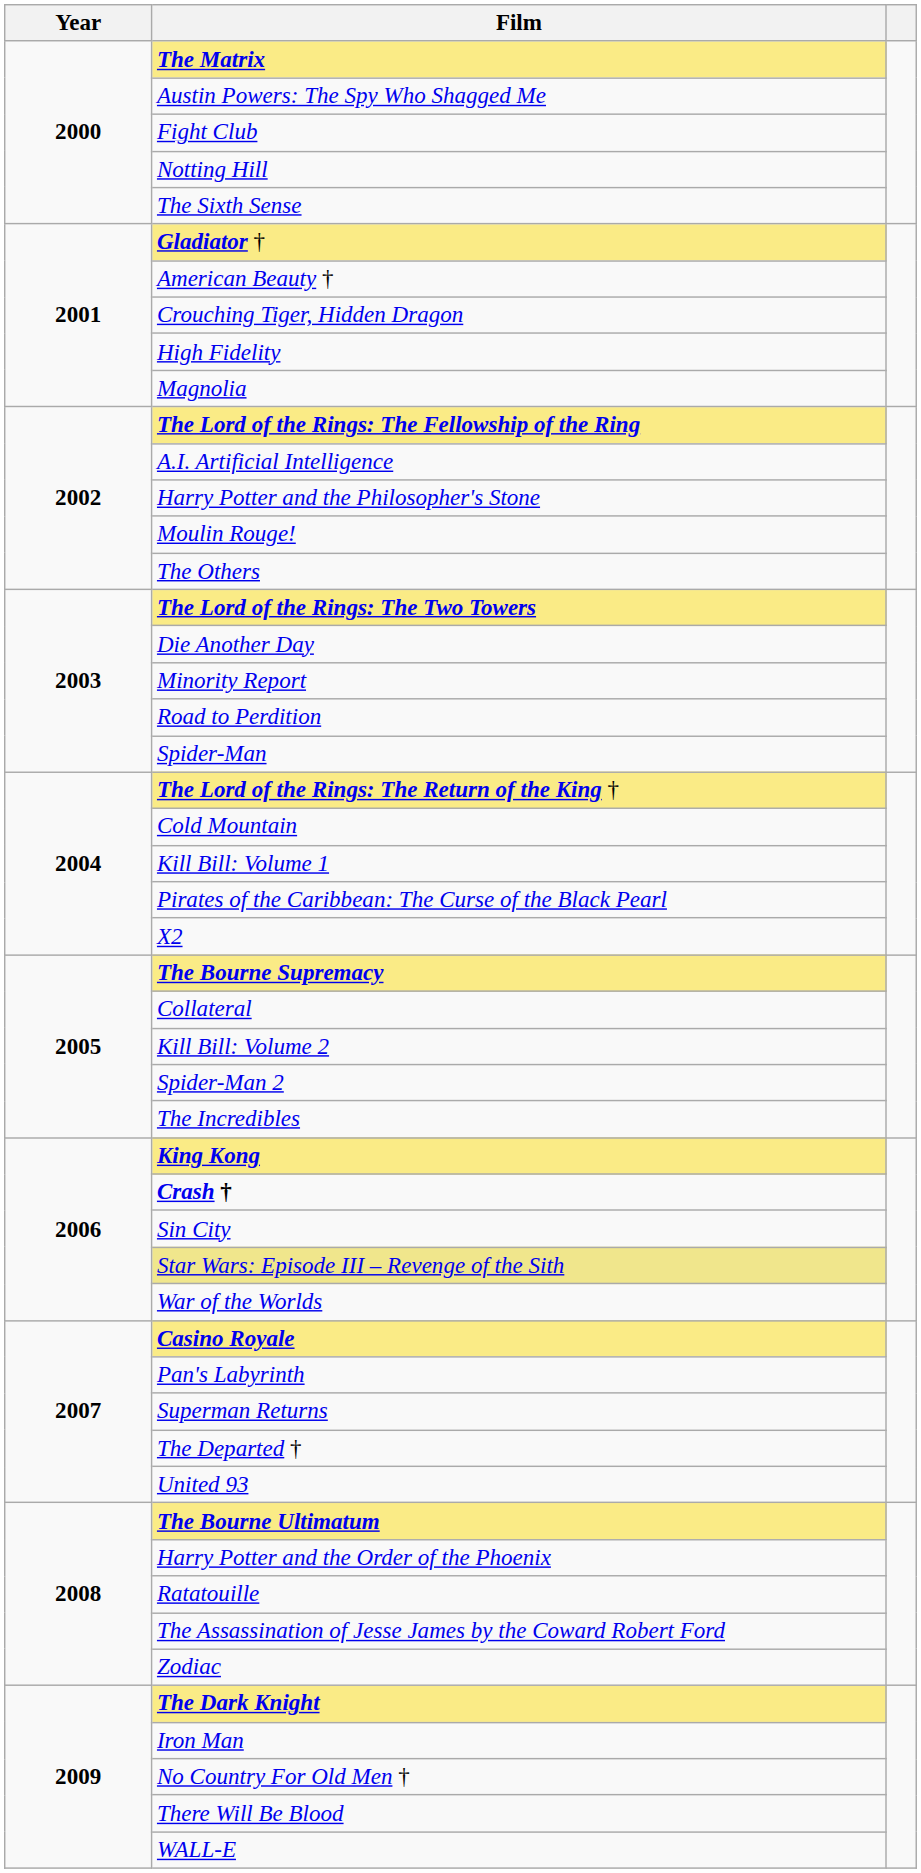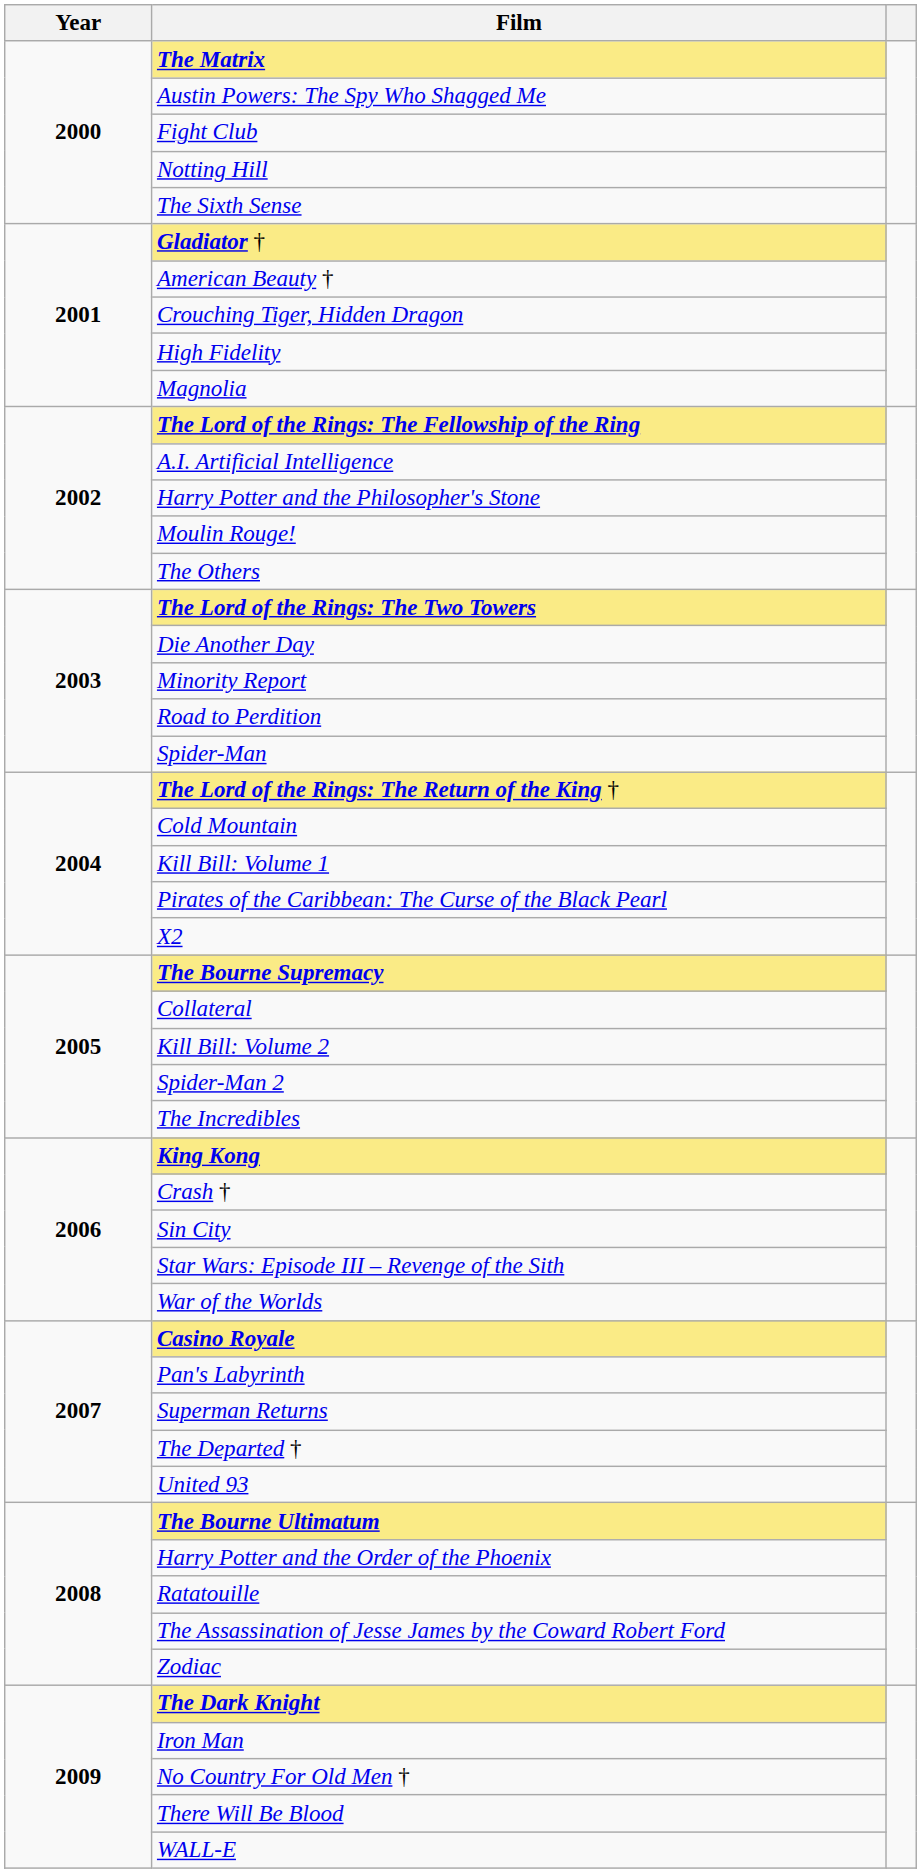 <table class="wikitable" width="40%">
 <tr>
 <th width="10%">Year</th>
 <th width="50%">Film</th>
 <th width="2%"></th>
 </tr>
 <tr>
 <td rowspan="5" style="text-align:center"><strong>2000<br> </strong></td>
 <td style="background:#FAEB86"><strong><em><a href='#'>The Matrix</a></em></strong></td>
 <td rowspan="5" style="text-align:center"></td>
 </tr>
 <tr>
 <td><em><a href='#'>Austin Powers: The Spy Who Shagged Me</a></em></td>
 </tr>
 <tr>
 <td><em><a href='#'>Fight Club</a></em></td>
 </tr>
 <tr>
 <td><em><a href='#'>Notting Hill</a></em></td>
 </tr>
 <tr>
 <td><em><a href='#'>The Sixth Sense</a></em></td>
 </tr>
 <tr>
 <td rowspan="5" style="text-align:center"><strong>2001<br> </strong></td>
 <td style="background:#FAEB86"><strong><em><a href='#'>Gladiator</a></em></strong> †</td>
 <td rowspan="5" style="text-align:center"></td>
 </tr>
 <tr>
 <td><em><a href='#'>American Beauty</a></em> †</td>
 </tr>
 <tr>
 <td><em><a href='#'>Crouching Tiger, Hidden Dragon</a></em></td>
 </tr>
 <tr>
 <td><em><a href='#'>High Fidelity</a></em></td>
 </tr>
 <tr>
 <td><em><a href='#'>Magnolia</a></em></td>
 </tr>
 <tr>
 <td rowspan="5" style="text-align:center"><strong>2002<br> </strong></td>
 <td style="background:#FAEB86"><strong><em><a href='#'>The Lord of the Rings: The Fellowship of the Ring</a></em></strong></td>
 <td rowspan="5" style="text-align:center"></td>
 </tr>
 <tr>
 <td><em><a href='#'>A.I. Artificial Intelligence</a></em></td>
 </tr>
 <tr>
 <td><em><a href='#'>Harry Potter and the Philosopher's Stone</a></em></td>
 </tr>
 <tr>
 <td><em><a href='#'>Moulin Rouge!</a></em></td>
 </tr>
 <tr>
 <td><em><a href='#'>The Others</a></em></td>
 </tr>
 <tr>
 <td rowspan="5" style="text-align:center"><strong>2003<br> </strong></td>
 <td style="background:#FAEB86"><strong><em><a href='#'>The Lord of the Rings: The Two Towers</a></em></strong></td>
 <td rowspan="5" style="text-align:center"></td>
 </tr>
 <tr>
 <td><em><a href='#'>Die Another Day</a></em></td>
 </tr>
 <tr>
 <td><em><a href='#'>Minority Report</a></em></td>
 </tr>
 <tr>
 <td><em><a href='#'>Road to Perdition</a></em></td>
 </tr>
 <tr>
 <td><em><a href='#'>Spider-Man</a></em></td>
 </tr>
 <tr>
 <td rowspan="5" style="text-align:center"><strong>2004<br> </strong></td>
 <td style="background:#FAEB86"><strong><em><a href='#'>The Lord of the Rings: The Return of the King</a></em></strong> †</td>
 <td rowspan="5" style="text-align:center"></td>
 </tr>
 <tr>
 <td><em><a href='#'>Cold Mountain</a></em></td>
 </tr>
 <tr>
 <td><em><a href='#'>Kill Bill: Volume 1</a></em></td>
 </tr>
 <tr>
 <td><em><a href='#'>Pirates of the Caribbean: The Curse of the Black Pearl</a></em></td>
 </tr>
 <tr>
 <td><em><a href='#'>X2</a></em></td>
 </tr>
 <tr>
 <td rowspan="5" style="text-align:center"><strong>2005<br> </strong></td>
 <td style="background:#FAEB86"><strong><em><a href='#'>The Bourne Supremacy</a></em></strong></td>
 <td rowspan="5" style="text-align:center"></td>
 </tr>
 <tr>
 <td><em><a href='#'>Collateral</a></em></td>
 </tr>
 <tr>
 <td><em><a href='#'>Kill Bill: Volume 2</a></em></td>
 </tr>
 <tr>
 <td><em><a href='#'>Spider-Man 2</a></em></td>
 </tr>
 <tr>
 <td><em><a href='#'>The Incredibles</a></em></td>
 </tr>
 <tr>
 <td rowspan="5" style="text-align:center"><strong>2006<br> </strong></td>
 <td style="background:#FAEB86"><strong><em><a href='#'>King Kong</a></em></strong></td>
 <td rowspan="5" style="text-align:center"></td>
 </tr>
 <tr>
-<td><strong><em><a href='#'>Crash</a></em> †</strong></td>
+<td><em><a href='#'>Crash</a></em> †</td>
 </tr>
 <tr>
 <td><em><a href='#'>Sin City</a></em></td>
 </tr>
 <tr>
-<td style="background: khaki;"><em><a href='#'>Star Wars: Episode III – Revenge of the Sith</a></em></td>
+<td><em><a href='#'>Star Wars: Episode III – Revenge of the Sith</a></em></td>
 </tr>
 <tr>
 <td><em><a href='#'>War of the Worlds</a></em></td>
 </tr>
 <tr>
 <td rowspan="5" style="text-align:center"><strong>2007<br> </strong></td>
 <td style="background:#FAEB86"><strong><em><a href='#'>Casino Royale</a></em></strong></td>
 <td rowspan="5" style="text-align:center"></td>
 </tr>
 <tr>
 <td><em><a href='#'>Pan's Labyrinth</a></em></td>
 </tr>
 <tr>
 <td><em><a href='#'>Superman Returns</a></em></td>
 </tr>
 <tr>
 <td><em><a href='#'>The Departed</a></em> †</td>
 </tr>
 <tr>
 <td><em><a href='#'>United 93</a></em></td>
 </tr>
 <tr>
 <td rowspan="5" style="text-align:center"><strong>2008<br> </strong></td>
 <td style="background:#FAEB86"><strong><em><a href='#'>The Bourne Ultimatum</a></em></strong></td>
 <td rowspan="5" style="text-align:center"></td>
 </tr>
 <tr>
 <td><em><a href='#'>Harry Potter and the Order of the Phoenix</a></em></td>
 </tr>
 <tr>
 <td><em><a href='#'>Ratatouille</a></em></td>
 </tr>
 <tr>
 <td><em><a href='#'>The Assassination of Jesse James by the Coward Robert Ford</a></em></td>
 </tr>
 <tr>
 <td><em><a href='#'>Zodiac</a></em></td>
 </tr>
 <tr>
 <td rowspan="5" style="text-align:center"><strong>2009<br> </strong></td>
 <td style="background:#FAEB86"><strong><em><a href='#'>The Dark Knight</a></em></strong></td>
 <td rowspan="5" style="text-align:center"></td>
 </tr>
 <tr>
 <td><em><a href='#'>Iron Man</a></em></td>
 </tr>
 <tr>
 <td><em><a href='#'>No Country For Old Men</a></em> †</td>
 </tr>
 <tr>
 <td><em><a href='#'>There Will Be Blood</a></em></td>
 </tr>
 <tr>
 <td><em><a href='#'>WALL-E</a></em></td>
 </tr>
 </table>
